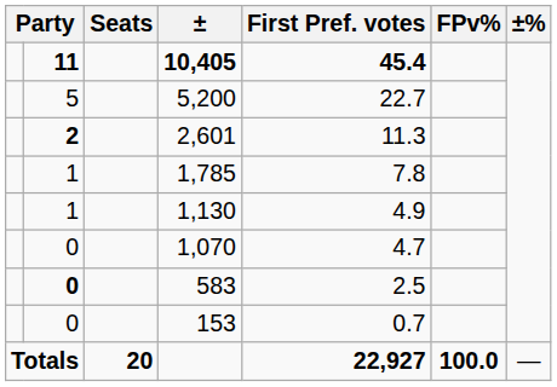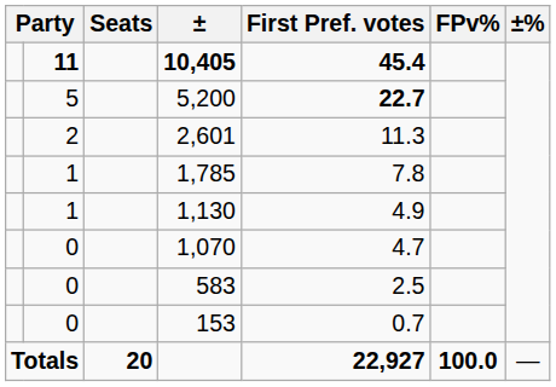 <table class=wikitable>
 <tr>
 <th colspan=2 align=center>Party</th>
 <th valign=top>Seats</th>
 <th valign=top>±</th>
 <th valign=top>First Pref. votes</th>
 <th valign=top>FPv%</th>
 <th valign=top>±%</th>
 </tr>
 <tr>
 <td></td>
 <td align=right><strong>11</strong></td>
 <td align=right></td>
 <td align=right><strong>10,405</strong></td>
 <td align=right><strong>45.4</strong></td>
 <td align=right></td>
 </tr>
 <tr>
 <td></td>
 <td align=right>5</td>
 <td align=right></td>
 <td align=right>5,200</td>
-<td align=right>22.7</td>
+<td align=right><strong>22.7</strong></td>
 <td align=right></td>
 </tr>
 <tr>
 <td></td>
-<td align=right><strong>2</strong></td>
+<td align=right>2</td>
 <td align=right></td>
 <td align=right>2,601</td>
 <td align=right>11.3</td>
 <td align=right></td>
 </tr>
 <tr>
 <td></td>
 <td align=right>1</td>
 <td align=right></td>
 <td align=right>1,785</td>
 <td align=right>7.8</td>
 <td align=right></td>
 </tr>
 <tr>
 <td></td>
 <td align=right>1</td>
 <td align=right></td>
 <td align=right>1,130</td>
 <td align=right>4.9</td>
 <td align=right></td>
 </tr>
 <tr>
 <td></td>
 <td align=right>0</td>
 <td align=right></td>
 <td align=right>1,070</td>
 <td align=right>4.7</td>
 <td align=right></td>
 </tr>
 <tr>
 <td></td>
-<td align=right><strong>0</strong></td>
+<td align=right>0</td>
 <td align=right></td>
 <td align=right>583</td>
 <td align=right>2.5</td>
 <td align=right></td>
 </tr>
 <tr>
 <td></td>
 <td align=right>0</td>
 <td align=right></td>
 <td align=right>153</td>
 <td align=right>0.7</td>
 <td align=right></td>
 </tr>
 <tr>
 <td colspan=2 align=center><strong>Totals</strong></td>
 <td align=right><strong>20</strong></td>
 <td align=center></td>
 <td align=right><strong>22,927</strong></td>
 <td align=center><strong>100.0</strong></td>
 <td align=center>—</td>
 </tr>
 </table>
